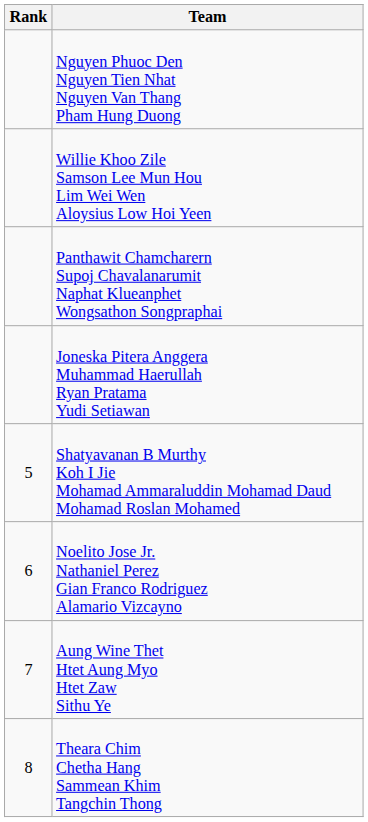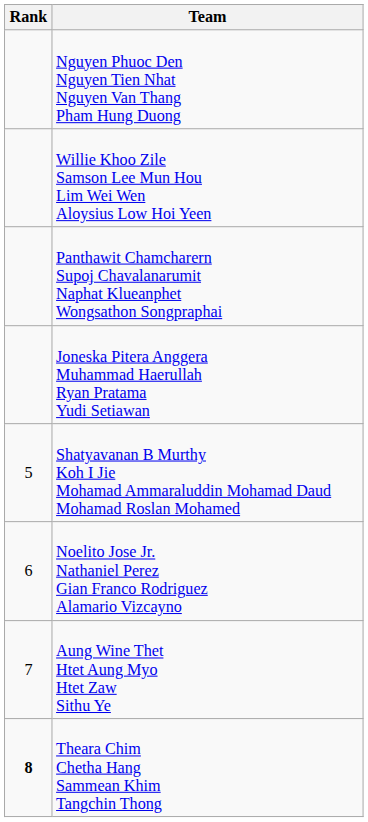 <table class="wikitable" style="text-align:center;">
 <tr>
 <th width=40>Rank</th>
 <th width=300>Team</th>
 </tr>
 <tr>
 <td></td>
 <td align=left><br><a href='#'>Nguyen Phuoc Den</a><br><a href='#'>Nguyen Tien Nhat</a><br><a href='#'>Nguyen Van Thang</a><br><a href='#'>Pham Hung Duong</a></td>
 </tr>
 <tr>
 <td></td>
 <td align=left><br><a href='#'>Willie Khoo Zile</a><br><a href='#'>Samson Lee Mun Hou</a><br><a href='#'>Lim Wei Wen</a><br><a href='#'>Aloysius Low Hoi Yeen</a></td>
 </tr>
 <tr>
 <td></td>
 <td align=left><br><a href='#'>Panthawit Chamcharern</a><br><a href='#'>Supoj Chavalanarumit</a><br><a href='#'>Naphat Klueanphet</a><br><a href='#'>Wongsathon Songpraphai</a></td>
 </tr>
 <tr>
 <td></td>
 <td align=left><br><a href='#'>Joneska Pitera Anggera</a><br><a href='#'>Muhammad Haerullah</a><br><a href='#'>Ryan Pratama</a><br><a href='#'>Yudi Setiawan</a></td>
 </tr>
 <tr>
 <td>5</td>
 <td align=left><br><a href='#'>Shatyavanan B Murthy</a><br><a href='#'>Koh I Jie</a><br><a href='#'>Mohamad Ammaraluddin Mohamad Daud</a><br><a href='#'>Mohamad Roslan Mohamed</a></td>
 </tr>
 <tr>
 <td>6</td>
 <td align=left><br><a href='#'>Noelito Jose Jr.</a><br><a href='#'>Nathaniel Perez</a><br><a href='#'>Gian Franco Rodriguez</a><br><a href='#'>Alamario Vizcayno</a></td>
 </tr>
 <tr>
 <td>7</td>
 <td align=left><br><a href='#'>Aung Wine Thet</a><br><a href='#'>Htet Aung Myo</a><br><a href='#'>Htet Zaw</a><br><a href='#'>Sithu Ye</a></td>
 </tr>
 <tr>
-<td>8</td>
+<td><strong>8</strong></td>
 <td align=left><br><a href='#'>Theara Chim</a><br><a href='#'>Chetha Hang</a><br><a href='#'>Sammean Khim</a><br><a href='#'>Tangchin Thong</a></td>
 </tr>
 </table>
